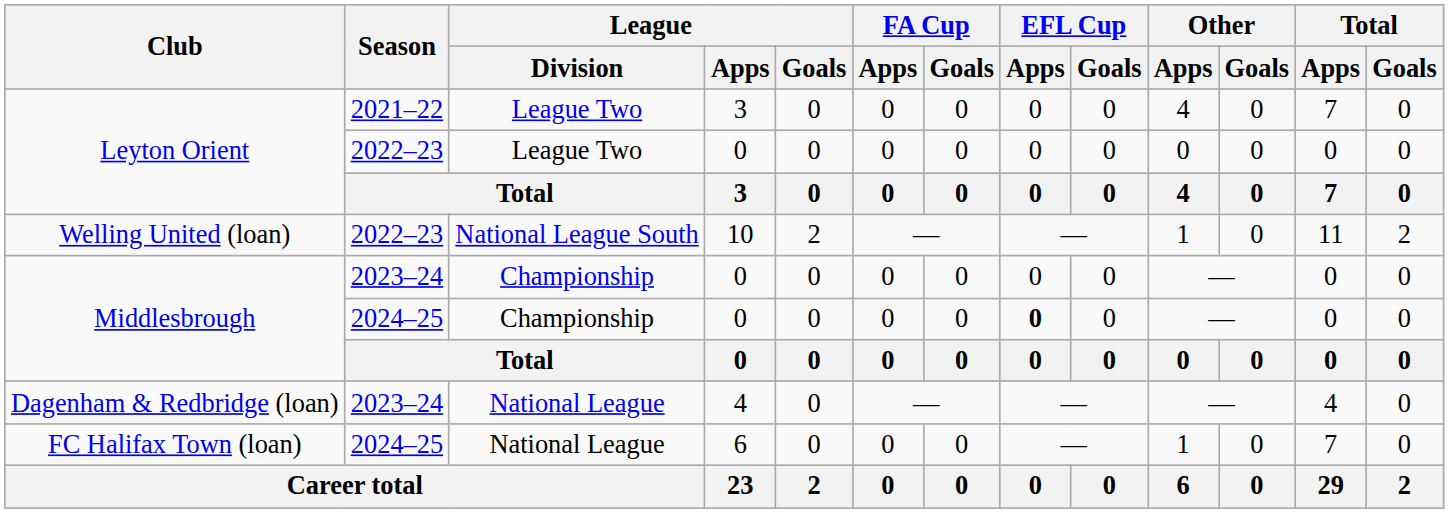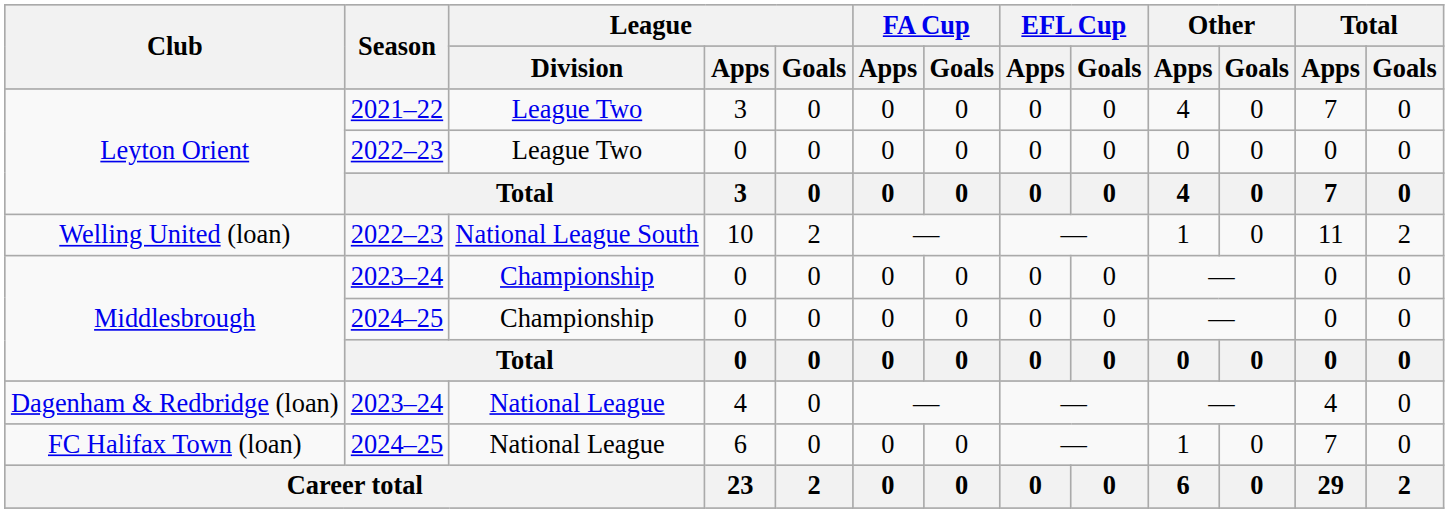 <table class="wikitable" style="text-align:center;">
 <tr>
 <th rowspan="2">Club</th>
 <th rowspan="2">Season</th>
 <th colspan="3">League</th>
 <th colspan="2"><a href='#'>FA Cup</a></th>
 <th colspan="2"><a href='#'>EFL Cup</a></th>
 <th colspan="2">Other</th>
 <th colspan="2">Total</th>
 </tr>
 <tr>
 <th>Division</th>
 <th>Apps</th>
 <th>Goals</th>
 <th>Apps</th>
 <th>Goals</th>
 <th>Apps</th>
 <th>Goals</th>
 <th>Apps</th>
 <th>Goals</th>
 <th>Apps</th>
 <th>Goals</th>
 </tr>
 <tr>
 <td rowspan=3><a href='#'>Leyton Orient</a></td>
 <td><a href='#'>2021–22</a></td>
 <td><a href='#'>League Two</a></td>
 <td>3</td>
 <td>0</td>
 <td>0</td>
 <td>0</td>
 <td>0</td>
 <td>0</td>
 <td>4</td>
 <td>0</td>
 <td>7</td>
 <td>0</td>
 </tr>
 <tr>
 <td><a href='#'>2022–23</a></td>
 <td>League Two</td>
 <td>0</td>
 <td>0</td>
 <td>0</td>
 <td>0</td>
 <td>0</td>
 <td>0</td>
 <td>0</td>
 <td>0</td>
 <td>0</td>
 <td>0</td>
 </tr>
 <tr>
 <th colspan=2>Total</th>
 <th>3</th>
 <th>0</th>
 <th>0</th>
 <th>0</th>
 <th>0</th>
 <th>0</th>
 <th>4</th>
 <th>0</th>
 <th>7</th>
 <th>0</th>
 </tr>
 <tr>
 <td><a href='#'>Welling United</a> (loan)</td>
 <td><a href='#'>2022–23</a></td>
 <td><a href='#'>National League South</a></td>
 <td>10</td>
 <td>2</td>
 <td colspan=2>—</td>
 <td colspan=2>—</td>
 <td>1</td>
 <td>0</td>
 <td>11</td>
 <td>2</td>
 </tr>
 <tr>
 <td rowspan="3"><a href='#'>Middlesbrough</a></td>
 <td><a href='#'>2023–24</a></td>
 <td><a href='#'>Championship</a></td>
 <td>0</td>
 <td>0</td>
 <td>0</td>
 <td>0</td>
 <td>0</td>
 <td>0</td>
 <td colspan=2>—</td>
 <td>0</td>
 <td>0</td>
 </tr>
 <tr>
 <td><a href='#'>2024–25</a></td>
 <td>Championship</td>
 <td>0</td>
 <td>0</td>
 <td>0</td>
 <td>0</td>
-<td><strong>0</strong></td>
+<td>0</td>
 <td>0</td>
 <td colspan=2>—</td>
 <td>0</td>
 <td>0</td>
 </tr>
 <tr>
 <th colspan="2">Total</th>
 <th>0</th>
 <th>0</th>
 <th>0</th>
 <th>0</th>
 <th>0</th>
 <th>0</th>
 <th>0</th>
 <th>0</th>
 <th>0</th>
 <th>0</th>
 </tr>
 <tr>
 <td><a href='#'>Dagenham & Redbridge</a> (loan)</td>
 <td><a href='#'>2023–24</a></td>
 <td><a href='#'>National League</a></td>
 <td>4</td>
 <td>0</td>
 <td colspan=2>—</td>
 <td colspan=2>—</td>
 <td colspan=2>—</td>
 <td>4</td>
 <td>0</td>
 </tr>
 <tr>
 <td><a href='#'>FC Halifax Town</a> (loan)</td>
 <td><a href='#'>2024–25</a></td>
 <td>National League</td>
 <td>6</td>
 <td>0</td>
 <td>0</td>
 <td>0</td>
 <td colspan="2">—</td>
 <td>1</td>
 <td>0</td>
 <td>7</td>
 <td>0</td>
 </tr>
 <tr>
 <th colspan="3">Career total</th>
 <th>23</th>
 <th>2</th>
 <th>0</th>
 <th>0</th>
 <th>0</th>
 <th>0</th>
 <th>6</th>
 <th>0</th>
 <th>29</th>
 <th>2</th>
 </tr>
 </table>
